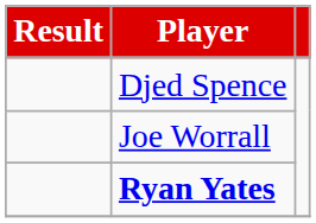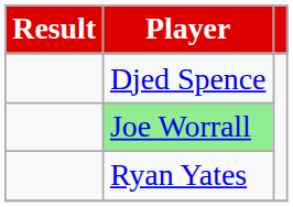 <table class="wikitable" style="text-align:left">
 <tr>
 <th style="background:#DD0000; color:#FFFFFF;">Result</th>
 <th style="background:#DD0000;color:#FFFFFF;">Player</th>
 <th style="background:#DD0000; color:#FFFFFF;"></th>
 </tr>
 <tr>
 </tr>
 <tr>
 <td></td>
 <td> <a href='#'>Djed Spence</a></td>
 <td rowspan="3" align=center></td>
 </tr>
 <tr>
 <td></td>
-<td> <a href='#'>Joe Worrall</a></td>
+<td style="background: lightgreen;"> <a href='#'>Joe Worrall</a></td>
 </tr>
 <tr>
 <td></td>
-<td><strong> <a href='#'>Ryan Yates</a></strong></td>
+<td> <a href='#'>Ryan Yates</a></td>
 </tr>
 <tr>
 </tr>
 </table>
